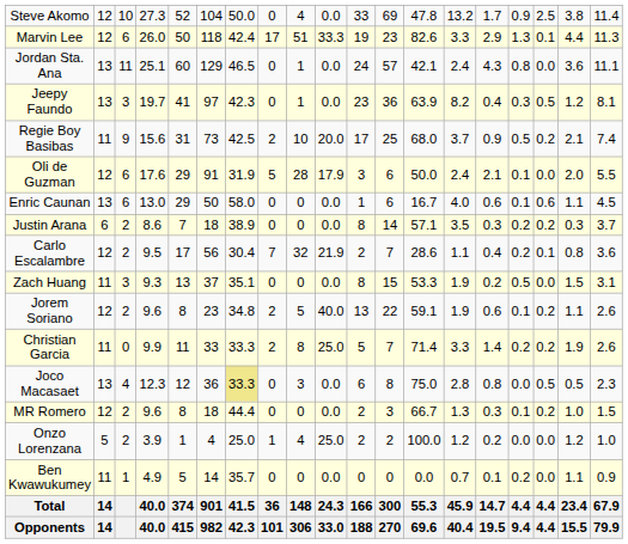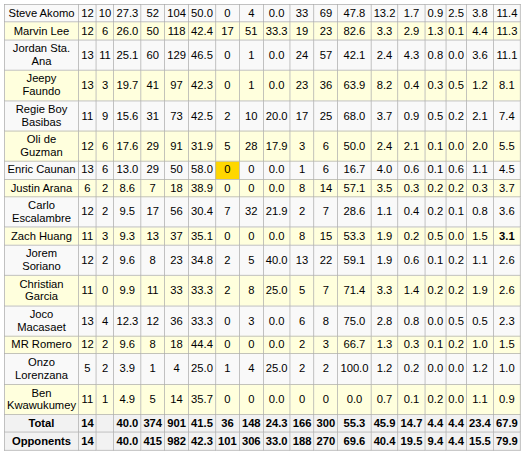 <table class=wikitable width=100%>
 <tr align=center>
 <td>Steve Akomo</td>
 <td>12</td>
 <td>10</td>
 <td style=>27.3</td>
 <td>52</td>
 <td>104</td>
 <td style=>50.0</td>
 <td>0</td>
 <td>4</td>
 <td>0.0</td>
 <td>33</td>
 <td>69</td>
 <td>47.8</td>
 <td style=>13.2</td>
 <td>1.7</td>
 <td>0.9</td>
 <td style=>2.5</td>
 <td>3.8</td>
 <td style=>11.4</td>
 </tr>
 <tr bgcolor=#ffffdd align=center>
 <td>Marvin Lee</td>
 <td>12</td>
 <td>6</td>
 <td>26.0</td>
 <td>50</td>
 <td>118</td>
 <td>42.4</td>
 <td>17</td>
 <td>51</td>
 <td>33.3</td>
 <td>19</td>
 <td>23</td>
 <td>82.6</td>
 <td>3.3</td>
 <td>2.9</td>
 <td style=>1.3</td>
 <td>0.1</td>
 <td>4.4</td>
 <td>11.3</td>
 </tr>
 <tr align=center>
 <td>Jordan Sta. Ana</td>
 <td>13</td>
 <td>11</td>
 <td>25.1</td>
 <td>60</td>
 <td>129</td>
 <td>46.5</td>
 <td>0</td>
 <td>1</td>
 <td>0.0</td>
 <td>24</td>
 <td>57</td>
 <td>42.1</td>
 <td>2.4</td>
 <td style=>4.3</td>
 <td>0.8</td>
 <td>0.0</td>
 <td>3.6</td>
 <td>11.1</td>
 </tr>
 <tr bgcolor=#ffffdd align=center>
 <td>Jeepy Faundo</td>
 <td>13</td>
 <td>3</td>
 <td>19.7</td>
 <td>41</td>
 <td>97</td>
 <td>42.3</td>
 <td>0</td>
 <td>1</td>
 <td>0.0</td>
 <td>23</td>
 <td>36</td>
 <td>63.9</td>
 <td>8.2</td>
 <td>0.4</td>
 <td>0.3</td>
 <td>0.5</td>
 <td>1.2</td>
 <td>8.1</td>
 </tr>
 <tr align=center>
 <td>Regie Boy Basibas</td>
 <td>11</td>
 <td>9</td>
 <td>15.6</td>
 <td>31</td>
 <td>73</td>
 <td>42.5</td>
 <td>2</td>
 <td>10</td>
 <td>20.0</td>
 <td>17</td>
 <td>25</td>
 <td>68.0</td>
 <td>3.7</td>
 <td>0.9</td>
 <td>0.5</td>
 <td>0.2</td>
 <td>2.1</td>
 <td>7.4</td>
 </tr>
 <tr bgcolor=#ffffdd align=center>
 <td>Oli de Guzman</td>
 <td>12</td>
 <td>6</td>
 <td>17.6</td>
 <td>29</td>
 <td>91</td>
 <td>31.9</td>
 <td>5</td>
 <td>28</td>
 <td>17.9</td>
 <td>3</td>
 <td>6</td>
 <td>50.0</td>
 <td>2.4</td>
 <td>2.1</td>
 <td>0.1</td>
 <td>0.0</td>
 <td>2.0</td>
 <td>5.5</td>
 </tr>
 <tr align=center>
 <td>Enric Caunan</td>
 <td>13</td>
 <td>6</td>
 <td>13.0</td>
 <td>29</td>
 <td>50</td>
 <td>58.0</td>
-<td>0</td>
+<td style="background: gold;">0</td>
 <td>0</td>
 <td>0.0</td>
 <td>1</td>
 <td>6</td>
 <td>16.7</td>
 <td>4.0</td>
 <td>0.6</td>
 <td>0.1</td>
 <td>0.6</td>
 <td>1.1</td>
 <td>4.5</td>
 </tr>
 <tr bgcolor=#ffffdd align=center>
 <td>Justin Arana</td>
 <td>6</td>
 <td>2</td>
 <td>8.6</td>
 <td>7</td>
 <td>18</td>
 <td>38.9</td>
 <td>0</td>
 <td>0</td>
 <td>0.0</td>
 <td>8</td>
 <td>14</td>
 <td>57.1</td>
 <td>3.5</td>
 <td>0.3</td>
 <td>0.2</td>
 <td>0.2</td>
 <td>0.3</td>
 <td>3.7</td>
 </tr>
 <tr align=center>
 <td>Carlo Escalambre</td>
 <td>12</td>
 <td>2</td>
 <td>9.5</td>
 <td>17</td>
 <td>56</td>
 <td>30.4</td>
 <td>7</td>
 <td>32</td>
 <td>21.9</td>
 <td>2</td>
 <td>7</td>
 <td>28.6</td>
 <td>1.1</td>
 <td>0.4</td>
 <td>0.2</td>
 <td>0.1</td>
 <td>0.8</td>
 <td>3.6</td>
 </tr>
 <tr bgcolor=#ffffdd align=center>
 <td>Zach Huang</td>
 <td>11</td>
 <td>3</td>
 <td>9.3</td>
 <td>13</td>
 <td>37</td>
 <td>35.1</td>
 <td>0</td>
 <td>0</td>
 <td>0.0</td>
 <td>8</td>
 <td>15</td>
 <td>53.3</td>
 <td>1.9</td>
 <td>0.2</td>
 <td>0.5</td>
 <td>0.0</td>
 <td>1.5</td>
-<td>3.1</td>
+<td><strong>3.1</strong></td>
 </tr>
 <tr align=center>
 <td>Jorem Soriano</td>
 <td>12</td>
 <td>2</td>
 <td>9.6</td>
 <td>8</td>
 <td>23</td>
 <td>34.8</td>
 <td>2</td>
 <td>5</td>
 <td style=>40.0</td>
 <td>13</td>
 <td>22</td>
 <td>59.1</td>
 <td>1.9</td>
 <td>0.6</td>
 <td>0.1</td>
 <td>0.2</td>
 <td>1.1</td>
 <td>2.6</td>
 </tr>
 <tr bgcolor=#ffffdd align=center>
 <td>Christian Garcia</td>
 <td>11</td>
 <td>0</td>
 <td>9.9</td>
 <td>11</td>
 <td>33</td>
 <td>33.3</td>
 <td>2</td>
 <td>8</td>
 <td>25.0</td>
 <td>5</td>
 <td>7</td>
 <td>71.4</td>
 <td>3.3</td>
 <td>1.4</td>
 <td>0.2</td>
 <td>0.2</td>
 <td>1.9</td>
 <td>2.6</td>
 </tr>
 <tr align=center>
 <td>Joco Macasaet</td>
 <td>13</td>
 <td>4</td>
 <td>12.3</td>
 <td>12</td>
 <td>36</td>
-<td style="background: khaki;">33.3</td>
+<td>33.3</td>
 <td>0</td>
 <td>3</td>
 <td>0.0</td>
 <td>6</td>
 <td>8</td>
 <td>75.0</td>
 <td>2.8</td>
 <td>0.8</td>
 <td>0.0</td>
 <td>0.5</td>
 <td>0.5</td>
 <td>2.3</td>
 </tr>
 <tr bgcolor=#ffffdd align=center>
 <td>MR Romero</td>
 <td>12</td>
 <td>2</td>
 <td>9.6</td>
 <td>8</td>
 <td>18</td>
 <td>44.4</td>
 <td>0</td>
 <td>0</td>
 <td>0.0</td>
 <td>2</td>
 <td>3</td>
 <td>66.7</td>
 <td>1.3</td>
 <td>0.3</td>
 <td>0.1</td>
 <td>0.2</td>
 <td>1.0</td>
 <td>1.5</td>
 </tr>
 <tr align=center>
 <td>Onzo Lorenzana</td>
 <td>5</td>
 <td>2</td>
 <td>3.9</td>
 <td>1</td>
 <td>4</td>
 <td>25.0</td>
 <td>1</td>
 <td>4</td>
 <td>25.0</td>
 <td>2</td>
 <td>2</td>
 <td style=>100.0</td>
 <td>1.2</td>
 <td>0.2</td>
 <td>0.0</td>
 <td>0.0</td>
 <td>1.2</td>
 <td>1.0</td>
 </tr>
 <tr bgcolor=#ffffdd align=center>
 <td>Ben Kwawukumey</td>
 <td>11</td>
 <td>1</td>
 <td>4.9</td>
 <td>5</td>
 <td>14</td>
 <td>35.7</td>
 <td>0</td>
 <td>0</td>
 <td>0.0</td>
 <td>0</td>
 <td>0</td>
 <td>0.0</td>
 <td>0.7</td>
 <td>0.1</td>
 <td>0.2</td>
 <td>0.0</td>
 <td>1.1</td>
 <td>0.9</td>
 </tr>
 <tr class=sortbottom>
 <th>Total</th>
 <th>14</th>
 <th></th>
 <th>40.0</th>
 <th>374</th>
 <th>901</th>
 <th>41.5</th>
 <th>36</th>
 <th>148</th>
 <th>24.3</th>
 <th>166</th>
 <th>300</th>
 <th>55.3</th>
 <th>45.9</th>
 <th>14.7</th>
 <th>4.4</th>
 <th>4.4</th>
 <th>23.4</th>
 <th>67.9</th>
 </tr>
 <tr class=sortbottom>
 <th>Opponents</th>
 <th>14</th>
 <th></th>
 <th>40.0</th>
 <th>415</th>
 <th>982</th>
 <th>42.3</th>
 <th>101</th>
 <th>306</th>
 <th>33.0</th>
 <th>188</th>
 <th>270</th>
 <th>69.6</th>
 <th>40.4</th>
 <th>19.5</th>
 <th>9.4</th>
 <th>4.4</th>
 <th>15.5</th>
 <th>79.9</th>
 </tr>
 </table>
